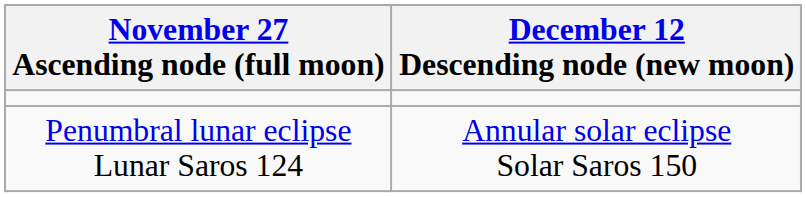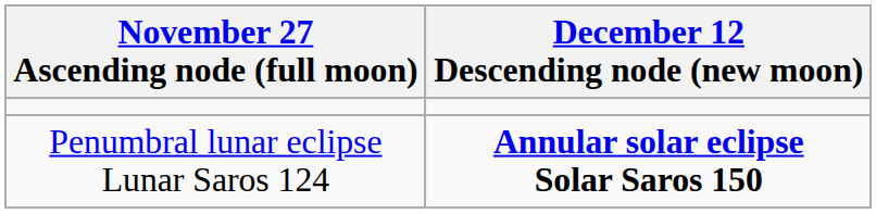 <table class="wikitable">
 <tr>
 <th><a href='#'>November 27</a><br>Ascending node (full moon)</th>
 <th><a href='#'>December 12</a><br>Descending node (new moon)</th>
 </tr>
 <tr>
 <td></td>
 <td></td>
 </tr>
 <tr align=center>
 <td><a href='#'>Penumbral lunar eclipse</a><br>Lunar Saros 124</td>
-<td><a href='#'>Annular solar eclipse</a><br>Solar Saros 150</td>
+<td><strong><a href='#'>Annular solar eclipse</a><br>Solar Saros 150</strong></td>
 </tr>
 </table>
